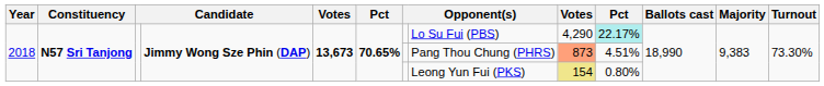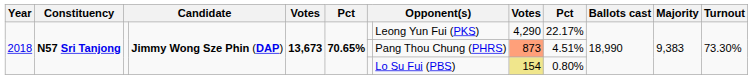 <table class="wikitable" style="margin:0.5em ; font-size:95%">
 <tr>
 <th>Year</th>
 <th>Constituency</th>
 <th colspan=2>Candidate</th>
 <th>Votes</th>
 <th>Pct</th>
 <th colspan=2>Opponent(s)</th>
 <th>Votes</th>
 <th>Pct</th>
 <th>Ballots cast</th>
 <th>Majority</th>
 <th>Turnout</th>
 </tr>
 <tr>
 <td rowspan=3><a href='#'>2018</a></td>
 <td rowspan=3><strong>N57 <a href='#'>Sri Tanjong</a></strong></td>
 <td rowspan=3 ></td>
 <td rowspan=3><strong>Jimmy Wong Sze Phin</strong> (<a href='#'><strong>DAP</strong></a>)</td>
 <td rowspan=3 align="right"><strong>13,673</strong></td>
 <td rowspan=3><strong>70.65%</strong></td>
 <td></td>
-<td><a href='#'>Lo Su Fui</a> (<a href='#'>PBS</a>)</td>
+<td>Leong Yun Fui (<a href='#'>PKS</a>)</td>
 <td align="right">4,290</td>
-<td style="background: paleturquoise;">22.17%</td>
+<td>22.17%</td>
 <td rowspan=3>18,990</td>
 <td rowspan=3>9,383</td>
 <td rowspan=3>73.30%</td>
 </tr>
 <tr>
 <td></td>
 <td>Pang Thou Chung (<a href='#'>PHRS</a>)</td>
 <td align="right" style="background: lightsalmon;">873</td>
 <td align="right">4.51%</td>
 </tr>
 <tr>
 <td></td>
-<td>Leong Yun Fui (<a href='#'>PKS</a>)</td>
+<td><a href='#'>Lo Su Fui</a> (<a href='#'>PBS</a>)</td>
 <td align="right" style="background: khaki;">154</td>
 <td align="right">0.80%</td>
 </tr>
 </table>
